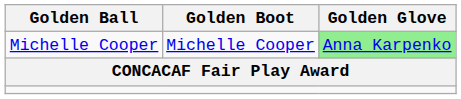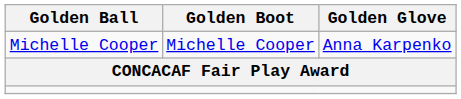 <table class="wikitable" style="margin:auto">
 <tr>
 <th>Golden Ball</th>
 <th>Golden Boot</th>
 <th>Golden Glove</th>
 </tr>
 <tr>
 <td> <a href='#'>Michelle Cooper</a></td>
 <td> <a href='#'>Michelle Cooper</a></td>
-<td style="background: lightgreen;"> <a href='#'>Anna Karpenko</a></td>
+<td> <a href='#'>Anna Karpenko</a></td>
 </tr>
 <tr>
 <th colspan="3">CONCACAF Fair Play Award</th>
 </tr>
 <tr>
 <td colspan="3" style="text-align:center;"></td>
 </tr>
 </table>
